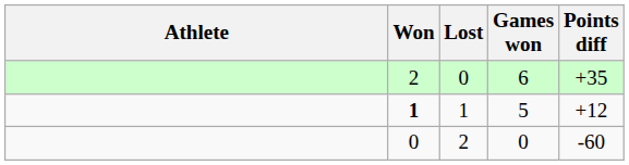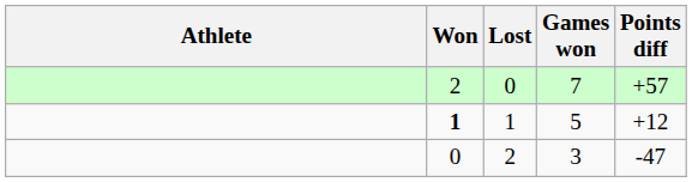 <table class="wikitable">
 <tr>
 <th style="width:18em">Athlete</th>
 <th>Won</th>
 <th>Lost</th>
 <th>Games<br>won</th>
 <th>Points<br>diff</th>
 </tr>
 <tr bgcolor="#ccffcc">
 <td></td>
 <td align="center">2</td>
 <td align="center">0</td>
-<td align="center">6</td>
-<td align="center">+35</td>
+<td align="center">7</td>
+<td align="center">+57</td>
 </tr>
 <tr>
 <td></td>
 <td align="center"><strong>1</strong></td>
 <td align="center">1</td>
 <td align="center">5</td>
 <td align="center">+12</td>
 </tr>
 <tr>
 <td></td>
 <td align="center">0</td>
 <td align="center">2</td>
-<td align="center">0</td>
-<td align="center">-60</td>
+<td align="center">3</td>
+<td align="center">-47</td>
 </tr>
 </table>
